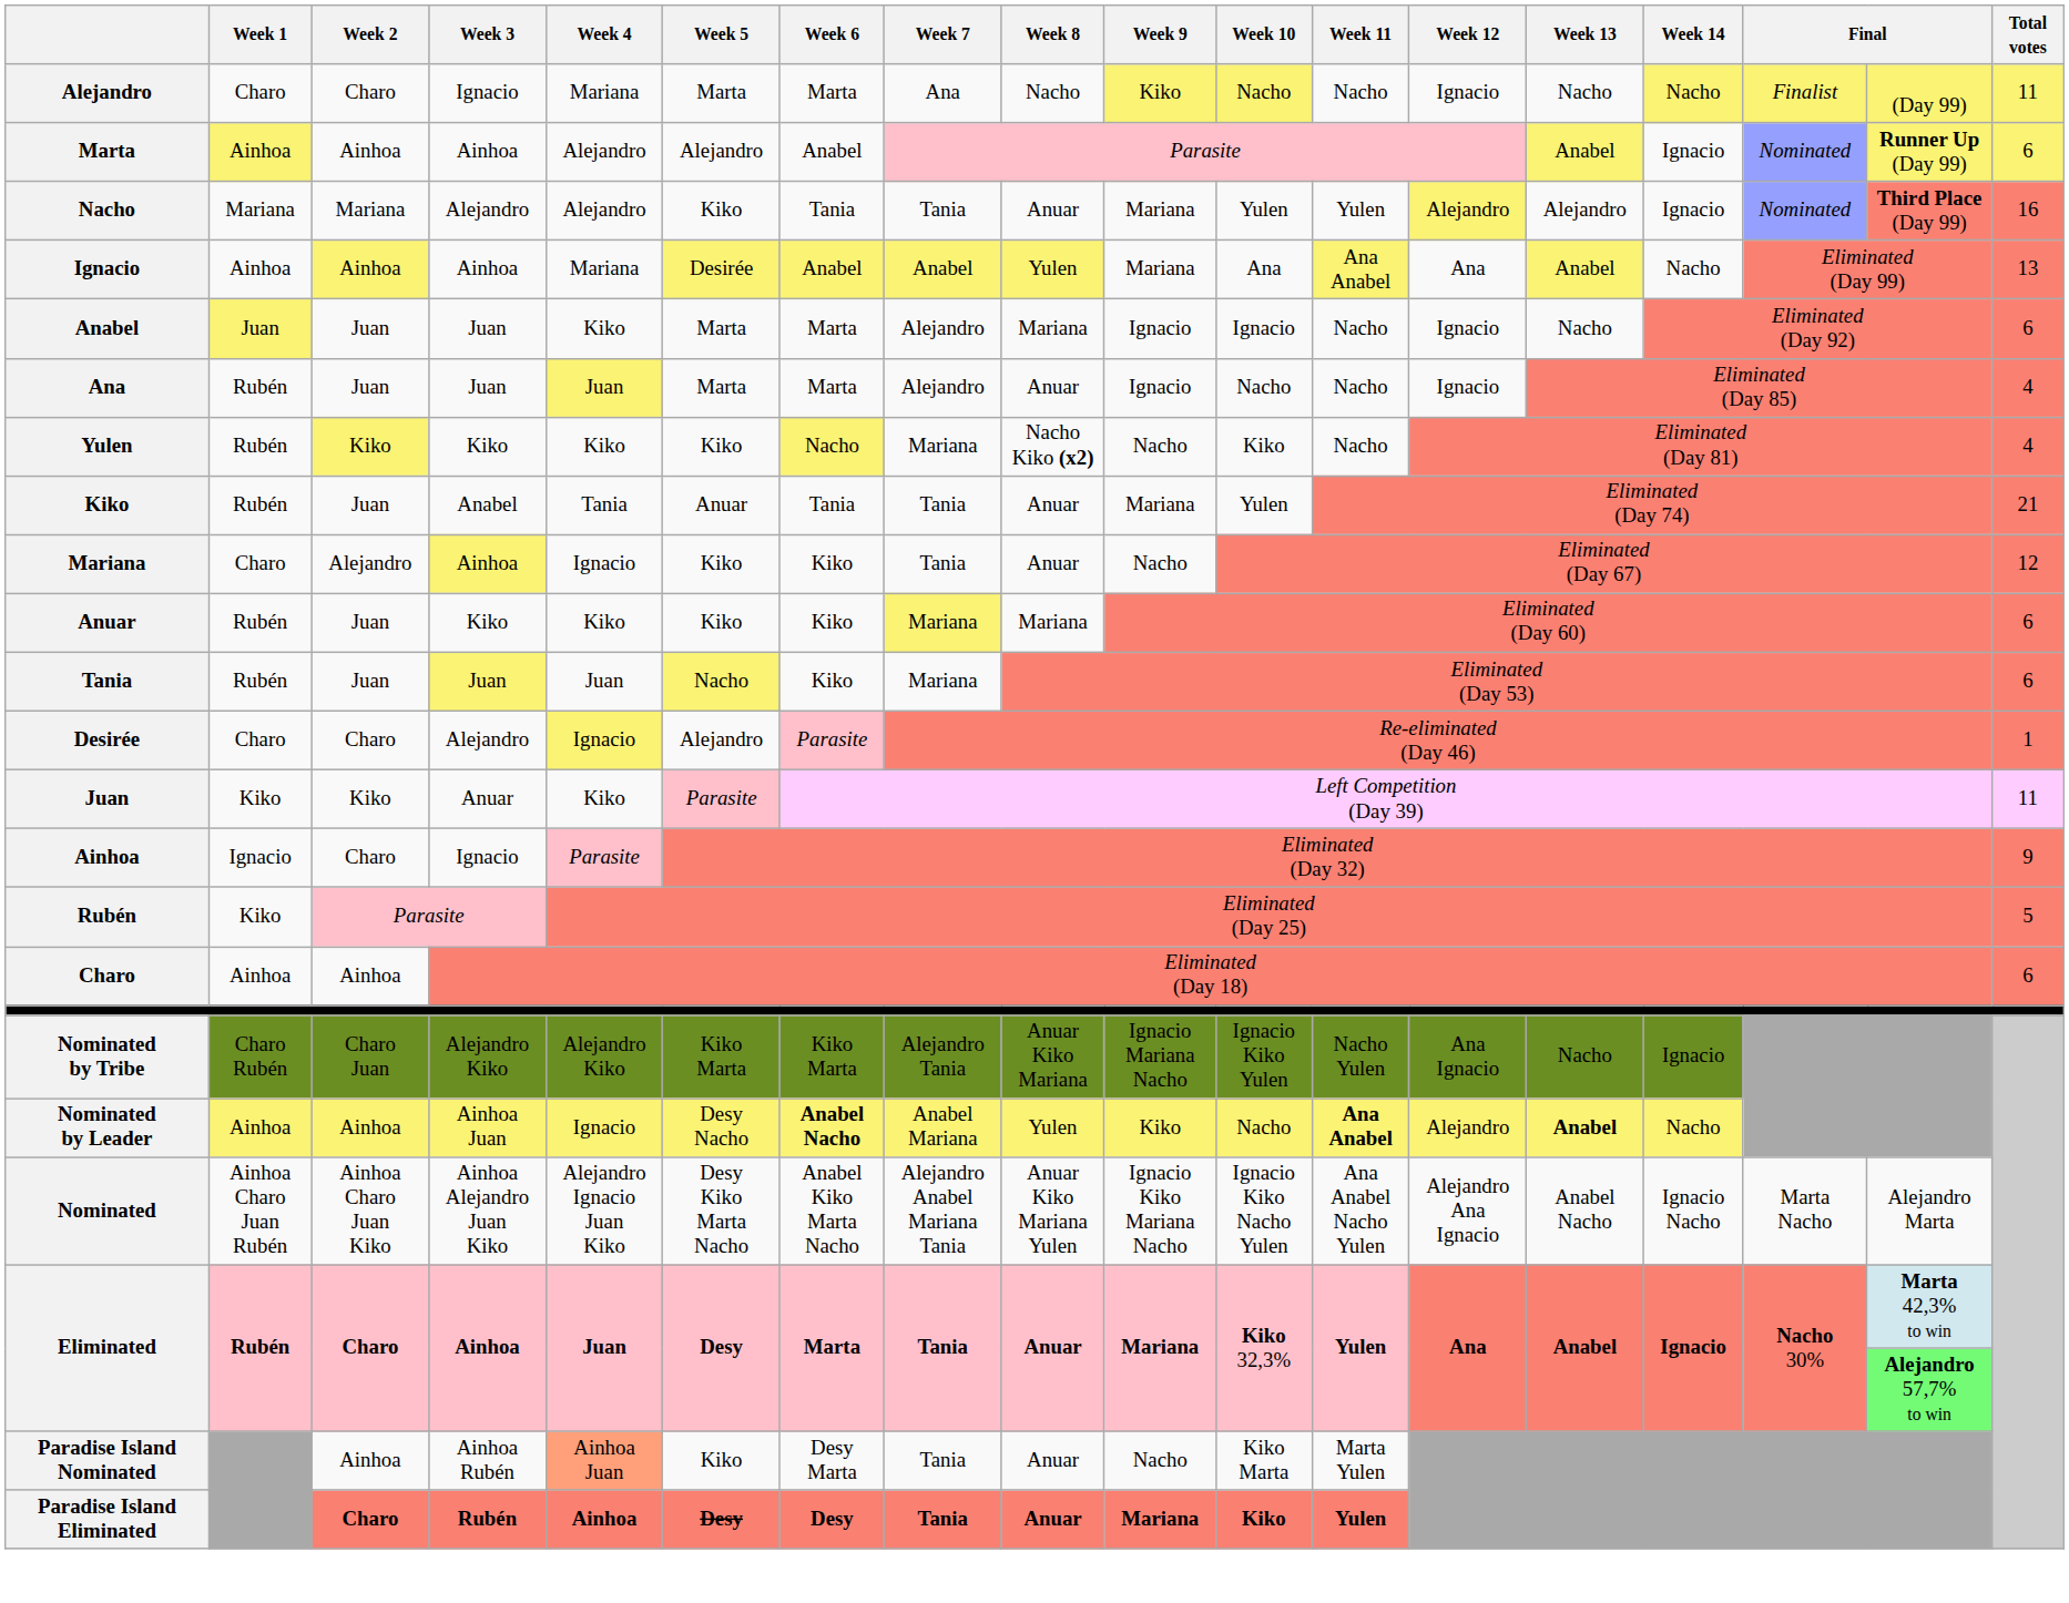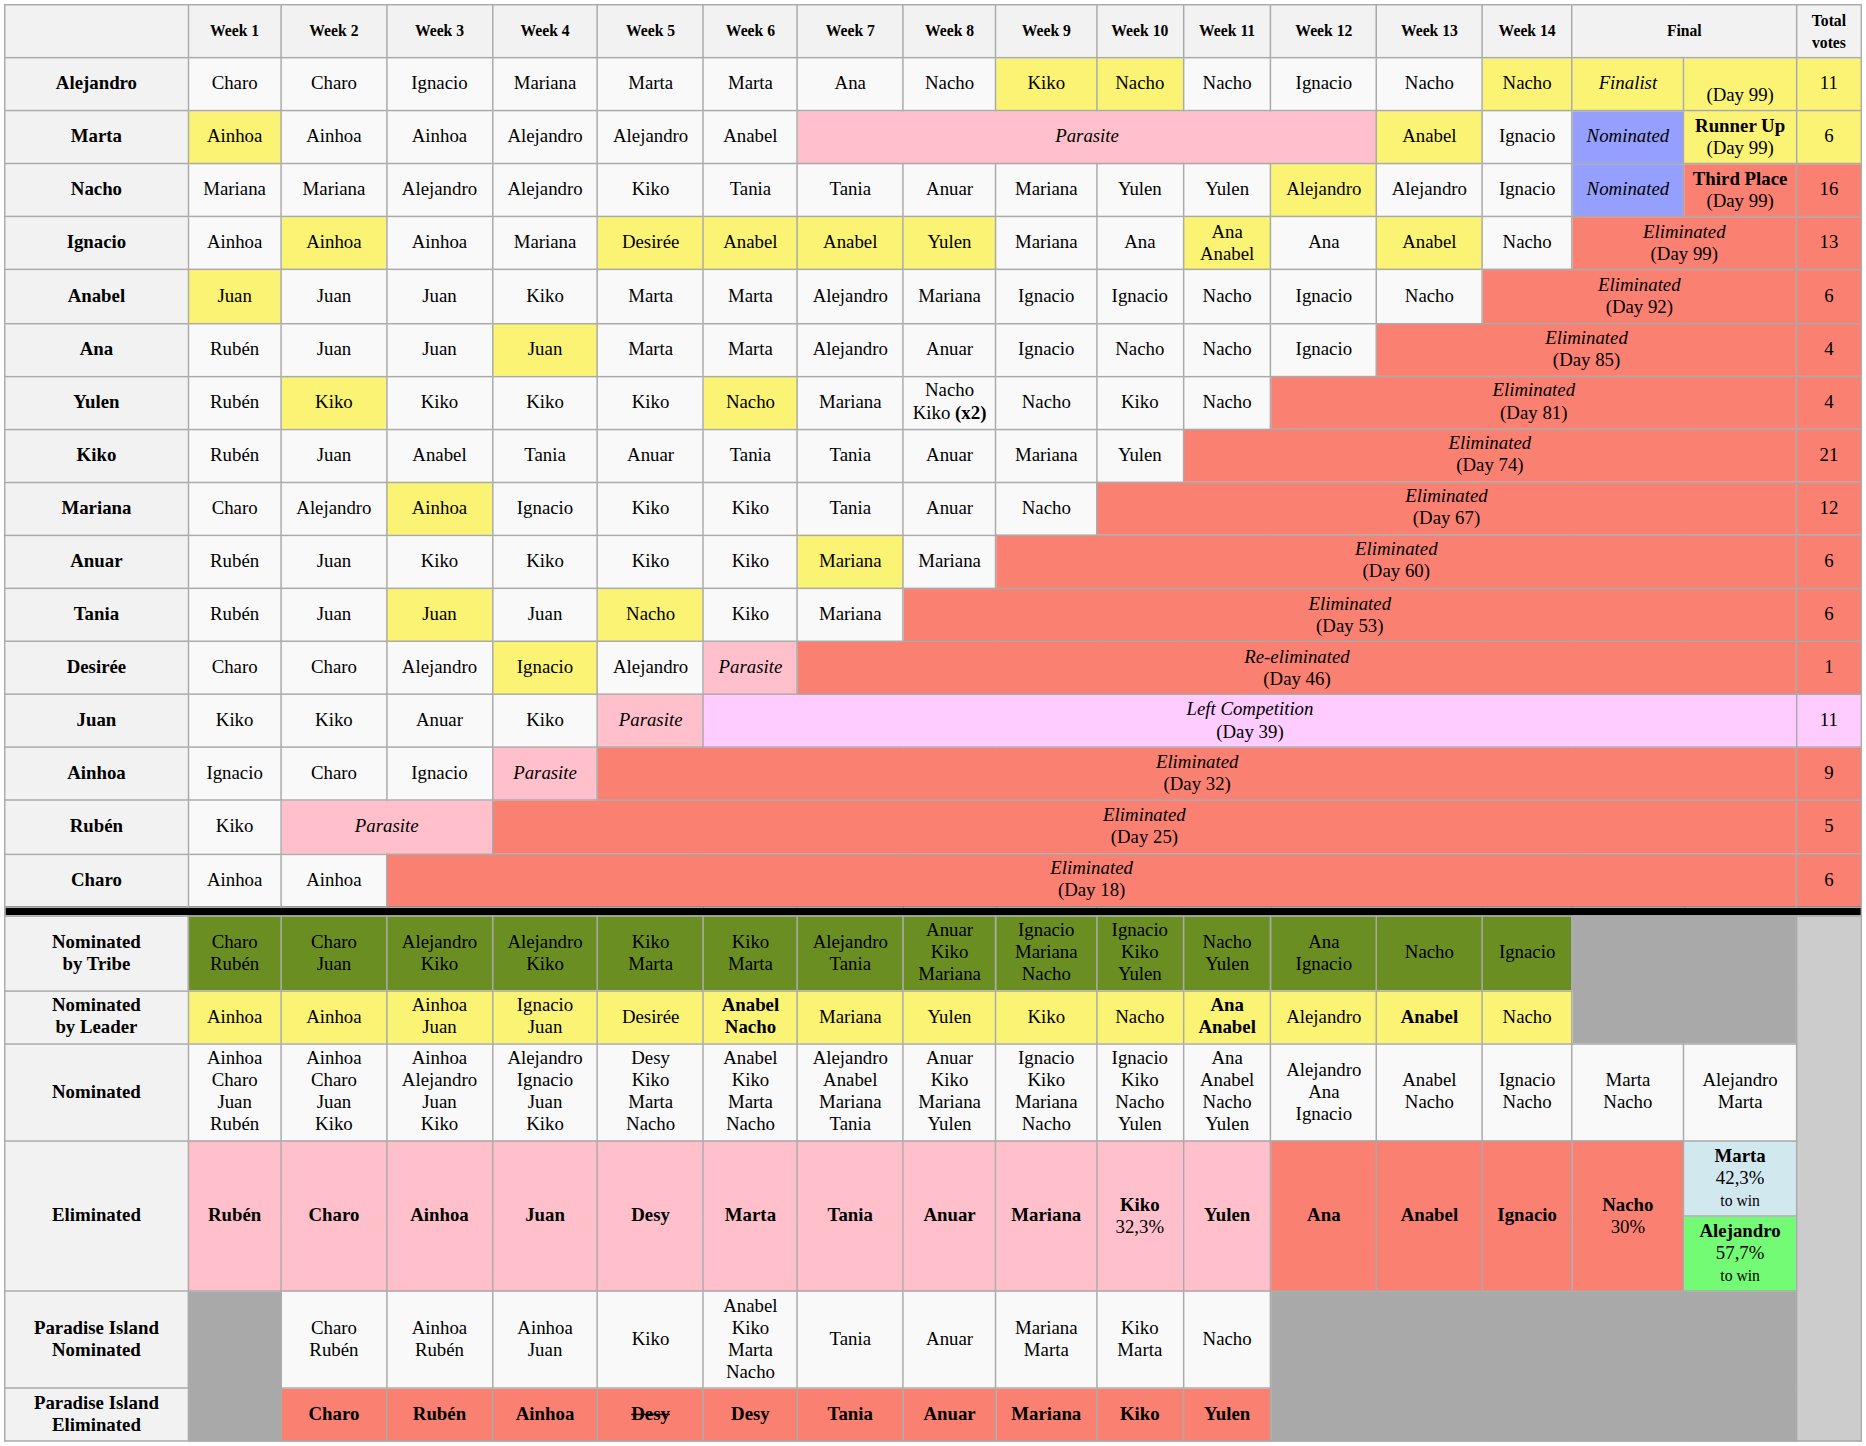 <table class="wikitable" style="font-size:80%; text-align:center; width: 100%">
 <tr>
 <th style="width:4%"></th>
 <th style="width:1%"><small>Week 1</small></th>
 <th style="width:1%"><small>Week 2</small></th>
 <th style="width:1%"><small>Week 3</small></th>
 <th style="width:1%"><small>Week 4</small></th>
 <th style="width:1%"><small>Week 5</small></th>
 <th style="width:1%"><small>Week 6</small></th>
 <th style="width:1%"><small>Week 7</small></th>
 <th style="width:1%"><small>Week 8</small></th>
 <th style="width:1%"><small>Week 9</small></th>
 <th style="width:1%"><small>Week 10</small></th>
 <th style="width:1%"><small>Week 11</small></th>
 <th style="width:1%"><small>Week 12</small></th>
 <th style="width:1%"><small>Week 13</small></th>
 <th style="width:1%"><small>Week 14</small></th>
 <th colspan="2" style="width:2%"><small>Final</small></th>
 <th style="width:1%"><small>Total votes</small></th>
 </tr>
 <tr>
 <th>Alejandro</th>
 <td>Charo</td>
 <td>Charo</td>
 <td>Ignacio</td>
 <td>Mariana</td>
 <td>Marta</td>
 <td>Marta</td>
 <td>Ana</td>
 <td>Nacho</td>
 <td style="background:#FBF373">Kiko</td>
 <td style="background:#FBF373">Nacho</td>
 <td>Nacho</td>
 <td>Ignacio</td>
 <td>Nacho</td>
 <td style="background:#FBF373">Nacho</td>
 <td style="background:#FBF373"><em>Finalist</em></td>
 <td style="background:#FBF373"><br>(Day 99)</td>
 <td style="background:#FBF373">11</td>
 </tr>
 <tr>
 <th>Marta</th>
 <td style="background:#FBF373">Ainhoa</td>
 <td>Ainhoa</td>
 <td>Ainhoa</td>
 <td>Alejandro</td>
 <td>Alejandro</td>
 <td>Anabel</td>
 <td colspan="6" style="background:pink"><em>Parasite</em></td>
 <td style="background:#FBF373">Anabel</td>
 <td>Ignacio</td>
 <td style="background:#959FFD;"><em>Nominated</em></td>
 <td style="background:#FBF373"><strong>Runner Up</strong><br>(Day 99)</td>
 <td style="background:#FBF373">6</td>
 </tr>
 <tr>
 <th>Nacho</th>
 <td>Mariana</td>
 <td>Mariana</td>
 <td>Alejandro</td>
 <td>Alejandro</td>
 <td>Kiko</td>
 <td>Tania</td>
 <td>Tania</td>
 <td>Anuar</td>
 <td>Mariana</td>
 <td>Yulen</td>
 <td>Yulen</td>
 <td style="background:#FBF373">Alejandro</td>
 <td>Alejandro</td>
 <td>Ignacio</td>
 <td style="background:#959FFD;"><em>Nominated</em></td>
 <td style="background:salmon"><strong>Third Place</strong><br>(Day 99)</td>
 <td style="background:salmon">16</td>
 </tr>
 <tr>
 <th>Ignacio</th>
 <td>Ainhoa</td>
 <td style="background:#FBF373">Ainhoa</td>
 <td>Ainhoa</td>
 <td>Mariana</td>
 <td style="background:#FBF373">Desirée</td>
 <td style="background:#FBF373">Anabel</td>
 <td style="background:#FBF373">Anabel</td>
 <td style="background:#FBF373">Yulen</td>
 <td>Mariana</td>
 <td>Ana</td>
 <td style="background:#FBF373">Ana<br>Anabel</td>
 <td>Ana</td>
 <td style="background:#FBF373">Anabel</td>
 <td>Nacho</td>
 <td colspan="2" style="background:salmon"><em>Eliminated</em><br>(Day 99)</td>
 <td style="background:salmon">13</td>
 </tr>
 <tr>
 <th>Anabel</th>
 <td style="background:#FBF373">Juan</td>
 <td>Juan</td>
 <td>Juan</td>
 <td>Kiko</td>
 <td>Marta</td>
 <td>Marta</td>
 <td>Alejandro</td>
 <td>Mariana</td>
 <td>Ignacio</td>
 <td>Ignacio</td>
 <td>Nacho</td>
 <td>Ignacio</td>
 <td>Nacho</td>
 <td colspan="3" style="background:salmon"><em>Eliminated</em><br>(Day 92)</td>
 <td style="background:salmon">6</td>
 </tr>
 <tr>
 <th>Ana</th>
 <td>Rubén</td>
 <td>Juan</td>
 <td>Juan</td>
 <td style="background:#FBF373">Juan</td>
 <td>Marta</td>
 <td>Marta</td>
 <td>Alejandro</td>
 <td>Anuar</td>
 <td>Ignacio</td>
 <td>Nacho</td>
 <td>Nacho</td>
 <td>Ignacio</td>
 <td colspan="4" style="background:salmon"><em>Eliminated</em><br>(Day 85)</td>
 <td style="background:salmon">4</td>
 </tr>
 <tr>
 <th>Yulen</th>
 <td>Rubén</td>
 <td style="background:#FBF373">Kiko</td>
 <td>Kiko</td>
 <td>Kiko</td>
 <td>Kiko</td>
 <td style="background:#FBF373">Nacho</td>
 <td>Mariana</td>
 <td>Nacho<br>Kiko <strong>(x2)</strong></td>
 <td>Nacho</td>
 <td>Kiko</td>
 <td>Nacho</td>
 <td colspan="5" style="background:salmon"><em>Eliminated</em><br>(Day 81)</td>
 <td style="background:salmon">4</td>
 </tr>
 <tr>
 <th>Kiko</th>
 <td>Rubén</td>
 <td>Juan</td>
 <td>Anabel</td>
 <td>Tania</td>
 <td>Anuar</td>
 <td>Tania</td>
 <td>Tania</td>
 <td>Anuar</td>
 <td>Mariana</td>
 <td>Yulen</td>
 <td colspan="6" style="background:salmon"><em>Eliminated</em><br>(Day 74)</td>
 <td style="background:salmon">21</td>
 </tr>
 <tr>
 <th>Mariana</th>
 <td>Charo</td>
 <td>Alejandro</td>
 <td style="background:#FBF373">Ainhoa</td>
 <td>Ignacio</td>
 <td>Kiko</td>
 <td>Kiko</td>
 <td>Tania</td>
 <td>Anuar</td>
 <td>Nacho</td>
 <td colspan="7" style="background:salmon"><em>Eliminated</em><br>(Day 67)</td>
 <td style="background:salmon">12</td>
 </tr>
 <tr>
 <th>Anuar</th>
 <td>Rubén</td>
 <td>Juan</td>
 <td>Kiko</td>
 <td>Kiko</td>
 <td>Kiko</td>
 <td>Kiko</td>
 <td style="background:#FBF373">Mariana</td>
 <td>Mariana</td>
 <td colspan="8" style="background:salmon"><em>Eliminated</em><br>(Day 60)</td>
 <td style="background:salmon">6</td>
 </tr>
 <tr>
 <th>Tania</th>
 <td>Rubén</td>
 <td>Juan</td>
 <td style="background:#FBF373">Juan</td>
 <td>Juan</td>
 <td style="background:#FBF373">Nacho</td>
 <td>Kiko</td>
 <td>Mariana</td>
 <td colspan="9" style="background:salmon"><em>Eliminated</em><br>(Day 53)</td>
 <td style="background:salmon">6</td>
 </tr>
 <tr>
 <th>Desirée</th>
 <td>Charo</td>
 <td>Charo</td>
 <td>Alejandro</td>
 <td style="background:#FBF373">Ignacio</td>
 <td>Alejandro</td>
 <td style="background:pink"><em>Parasite</em></td>
 <td colspan="10" style="background:salmon"><em>Re-eliminated</em><br>(Day 46)</td>
 <td style="background:salmon">1</td>
 </tr>
 <tr>
 <th>Juan</th>
 <td>Kiko</td>
 <td>Kiko</td>
 <td>Anuar</td>
 <td>Kiko</td>
 <td style="background:pink"><em>Parasite</em></td>
 <td colspan="11" style="background:#ffccff"><em>Left Competition</em><br>(Day 39)</td>
 <td style="background:#ffccff">11</td>
 </tr>
 <tr>
 <th>Ainhoa</th>
 <td>Ignacio</td>
 <td>Charo</td>
 <td>Ignacio</td>
 <td style="background:pink"><em>Parasite</em></td>
 <td colspan="12" style="background:salmon"><em>Eliminated</em><br>(Day 32)</td>
 <td style="background:salmon">9</td>
 </tr>
 <tr>
 <th>Rubén</th>
 <td>Kiko</td>
 <td colspan="2" style="background:pink"><em>Parasite</em></td>
 <td colspan="13" style="background:salmon"><em>Eliminated</em><br>(Day 25)</td>
 <td style="background:salmon">5</td>
 </tr>
 <tr>
 <th>Charo</th>
 <td>Ainhoa</td>
 <td>Ainhoa</td>
 <td colspan="14" style="background:salmon"><em>Eliminated</em><br>(Day 18)</td>
 <td style="background:salmon">6</td>
 </tr>
 <tr>
 <th colspan="18" style="background:black"></th>
 </tr>
 <tr>
 <th>Nominated<br>by Tribe</th>
 <td bgcolor="#6B8E23"><span>Charo<br>Rubén</span></td>
 <td bgcolor="#6B8E23"><span>Charo<br>Juan</span></td>
 <td bgcolor="#6B8E23"><span>Alejandro<br>Kiko</span></td>
 <td bgcolor="#6B8E23"><span>Alejandro<br>Kiko</span></td>
 <td bgcolor="#6B8E23"><span>Kiko<br>Marta</span></td>
 <td bgcolor="#6B8E23"><span>Kiko<br>Marta</span></td>
 <td bgcolor="#6B8E23"><span>Alejandro<br>Tania</span></td>
 <td bgcolor="#6B8E23"><span>Anuar<br>Kiko<br>Mariana</span></td>
 <td bgcolor="#6B8E23"><span>Ignacio<br>Mariana<br>Nacho</span></td>
 <td bgcolor="#6B8E23"><span>Ignacio<br>Kiko<br>Yulen</span></td>
 <td bgcolor="#6B8E23"><span>Nacho<br>Yulen<br></span></td>
 <td bgcolor="#6B8E23"><span>Ana<br>Ignacio</span></td>
 <td bgcolor="#6B8E23"><span>Nacho</span></td>
 <td bgcolor="#6B8E23"><span>Ignacio</span></td>
 <td rowspan="2" colspan="2" style="background:darkgray"></td>
 <td rowspan="8" style="background:rgb(204, 204, 204)"></td>
 </tr>
 <tr>
 <th>Nominated<br>by Leader</th>
 <td style="background:#FBF373">Ainhoa</td>
 <td style="background:#FBF373">Ainhoa</td>
 <td style="background:#FBF373">Ainhoa<br>Juan</td>
-<td style="background:#FBF373">Ignacio</td>
-<td style="background:#FBF373">Desy<br>Nacho</td>
+<td style="background:#FBF373">Ignacio<br>Juan</td>
+<td style="background:#FBF373">Desirée</td>
 <td style="background:#FBF373"><strong>Anabel<br>Nacho</strong></td>
-<td style="background:#FBF373">Anabel<br>Mariana</td>
+<td style="background:#FBF373">Mariana</td>
 <td style="background:#FBF373">Yulen</td>
 <td style="background:#FBF373">Kiko</td>
 <td style="background:#FBF373">Nacho</td>
 <td style="background:#FBF373"><strong>Ana<br>Anabel</strong></td>
 <td style="background:#FBF373">Alejandro</td>
 <td style="background:#FBF373"><strong>Anabel</strong></td>
 <td style="background:#FBF373">Nacho</td>
 </tr>
 <tr>
 <th>Nominated</th>
 <td>Ainhoa<br>Charo<br>Juan<br>Rubén</td>
 <td>Ainhoa<br>Charo<br>Juan<br>Kiko</td>
 <td>Ainhoa<br>Alejandro<br>Juan<br>Kiko</td>
 <td>Alejandro<br>Ignacio<br>Juan<br>Kiko</td>
 <td>Desy<br>Kiko<br>Marta<br>Nacho</td>
 <td>Anabel<br>Kiko<br>Marta<br>Nacho</td>
 <td>Alejandro<br>Anabel<br>Mariana<br>Tania</td>
 <td>Anuar<br>Kiko<br>Mariana<br>Yulen</td>
 <td>Ignacio<br>Kiko<br>Mariana<br>Nacho</td>
 <td>Ignacio<br>Kiko<br>Nacho<br>Yulen</td>
 <td>Ana<br>Anabel<br>Nacho<br>Yulen</td>
 <td>Alejandro<br>Ana<br>Ignacio</td>
 <td>Anabel<br>Nacho</td>
 <td>Ignacio<br>Nacho</td>
 <td>Marta<br>Nacho</td>
 <td>Alejandro<br>Marta</td>
 </tr>
 <tr>
 <th rowspan="2">Eliminated</th>
 <td rowspan="2" style="background:pink"><strong>Rubén</strong><br><small></small></td>
 <td rowspan="2" style="background:pink"><strong>Charo</strong><br><small></small></td>
 <td rowspan="2" style="background:pink"><strong>Ainhoa</strong><br><small></small></td>
 <td rowspan="2" style="background:pink"><strong>Juan</strong><br><small></small></td>
 <td rowspan="2" style="background:pink"><strong>Desy</strong><br><small></small></td>
 <td rowspan="2" style="background:pink"><strong>Marta</strong><br><small></small></td>
 <td rowspan="2" style="background:pink"><strong>Tania</strong><br><small></small></td>
 <td rowspan="2" style="background:pink"><strong>Anuar</strong><br><small></small></td>
 <td rowspan="2" style="background:pink"><strong>Mariana</strong><br><small></small></td>
 <td rowspan="2" style="background:pink"><strong>Kiko</strong><br>32,3%<br><small></small></td>
 <td rowspan="2" style="background:pink"><strong>Yulen</strong><br><small></small></td>
 <td rowspan="2" style="background:salmon"><strong>Ana</strong><br><small></small></td>
 <td rowspan="2" style="background:salmon"><strong>Anabel</strong><br><small></small></td>
 <td rowspan="2" style="background:salmon"><strong>Ignacio</strong><br><small></small></td>
 <td rowspan="2" style="background:salmon"><strong>Nacho</strong><br>30%<br><small></small></td>
 <td style="background:#D1E8EF"><strong>Marta</strong><br>42,3%<small><br>to win</small></td>
 </tr>
 <tr>
 <td style="background:#73FB76"><strong>Alejandro</strong><br>57,7%<small><br>to win</small></td>
 </tr>
 <tr>
 <th>Paradise Island<br>Nominated</th>
 <td rowspan="2" style="background:darkgrey"></td>
-<td>Ainhoa</td>
+<td>Charo<br>Rubén</td>
 <td>Ainhoa<br>Rubén</td>
-<td style="background: lightsalmon;">Ainhoa<br>Juan</td>
+<td>Ainhoa<br>Juan</td>
 <td>Kiko</td>
-<td>Desy<br>Marta</td>
+<td>Anabel<br>Kiko<br>Marta<br>Nacho</td>
 <td>Tania</td>
 <td>Anuar</td>
+<td>Mariana<br>Marta</td>
+<td>Kiko<br>Marta</td>
 <td>Nacho</td>
-<td>Kiko<br>Marta</td>
-<td>Marta<br>Yulen</td>
 <td rowspan="2" colspan="5" style="background:darkgray"></td>
 </tr>
 <tr>
 <th>Paradise Island<br>Eliminated</th>
 <td style="background:salmon"><strong>Charo</strong><br><small></small></td>
 <td style="background:salmon"><strong>Rubén</strong><br><small></small></td>
 <td style="background:salmon"><strong>Ainhoa</strong><br><small></small></td>
 <td style="background:salmon"><strong><s>Desy</s></strong><br><small></small></td>
 <td style="background:salmon"><strong>Desy</strong><br><small></small></td>
 <td style="background:salmon"><strong>Tania</strong><br><small></small></td>
 <td style="background:salmon"><strong>Anuar</strong><br><small></small></td>
 <td style="background:salmon"><strong>Mariana</strong><br><small></small></td>
 <td style="background:salmon"><strong>Kiko</strong><br><small></small></td>
 <td style="background:salmon"><strong>Yulen</strong><br><small></small></td>
 </tr>
 </table>
